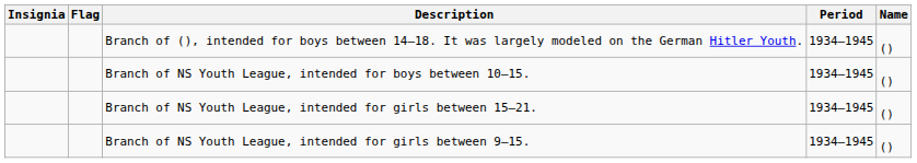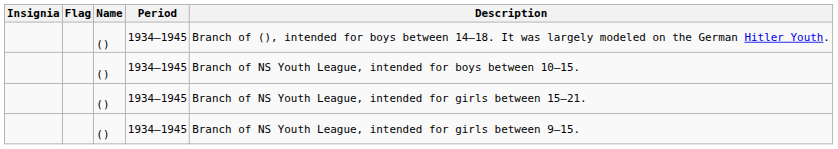 <table class="wikitable">
 <tr>
 <th>Insignia</th>
 <th>Flag</th>
+<th>Name</th>
+<th>Period</th>
 <th>Description</th>
-<th>Period</th>
-<th>Name</th>
 </tr>
 <tr>
 <td></td>
 <td></td>
+<td><br>()</td>
+<td>1934–1945</td>
 <td>Branch of  (), intended for boys between 14–18. It was largely modeled on the German <a href='#'>Hitler Youth</a>.</td>
-<td>1934–1945</td>
-<td><br>()</td>
 </tr>
 <tr>
 <td></td>
 <td></td>
+<td><br>()</td>
+<td>1934–1945</td>
 <td>Branch of NS Youth League, intended for boys between 10–15.</td>
-<td>1934–1945</td>
-<td><br>()</td>
 </tr>
 <tr>
 <td></td>
 <td></td>
+<td><br>()</td>
+<td>1934–1945</td>
 <td>Branch of NS Youth League, intended for girls between 15–21.</td>
-<td>1934–1945</td>
-<td><br>()</td>
 </tr>
 <tr>
 <td></td>
 <td></td>
+<td><br>()</td>
+<td>1934–1945</td>
 <td>Branch of NS Youth League, intended for girls between 9–15.</td>
-<td>1934–1945</td>
-<td><br>()</td>
 </tr>
 </table>
